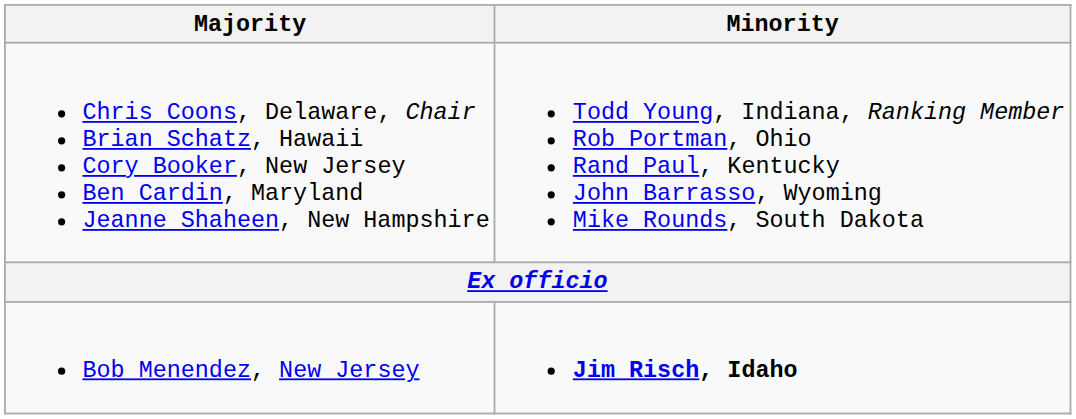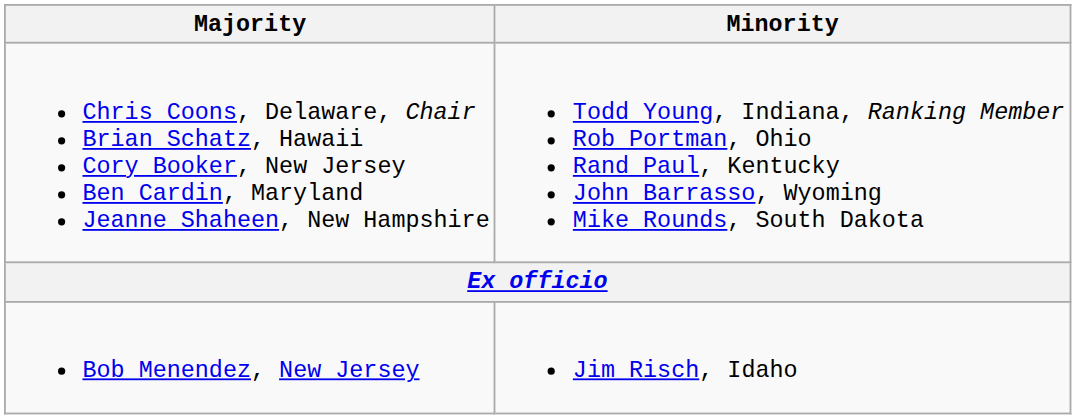 <table class=wikitable>
 <tr>
 <th>Majority</th>
 <th>Minority</th>
 </tr>
 <tr>
 <td><br><ul><li><a href='#'>Chris Coons</a>, Delaware, <em>Chair</em></li><li><a href='#'>Brian Schatz</a>, Hawaii</li><li><a href='#'>Cory Booker</a>, New Jersey</li><li><a href='#'>Ben Cardin</a>, Maryland</li><li><a href='#'>Jeanne Shaheen</a>, New Hampshire</li></ul></td>
 <td><br><ul><li><a href='#'>Todd Young</a>, Indiana, <em>Ranking Member</em></li><li><a href='#'>Rob Portman</a>, Ohio</li><li><a href='#'>Rand Paul</a>, Kentucky</li><li><a href='#'>John Barrasso</a>, Wyoming</li><li><a href='#'>Mike Rounds</a>, South Dakota</li></ul></td>
 </tr>
 <tr>
 <th colspan=2><em><a href='#'>Ex officio</a></em></th>
 </tr>
 <tr>
 <td><br><ul><li><a href='#'>Bob Menendez</a>, <a href='#'>New Jersey</a></li></ul></td>
-<td><strong><br><ul><li><a href='#'>Jim Risch</a>, Idaho</li></ul></strong></td>
+<td><br><ul><li><a href='#'>Jim Risch</a>, Idaho</li></ul></td>
 </tr>
 </table>
